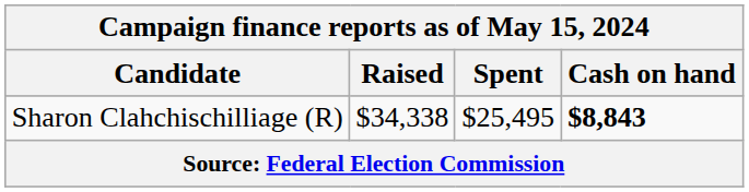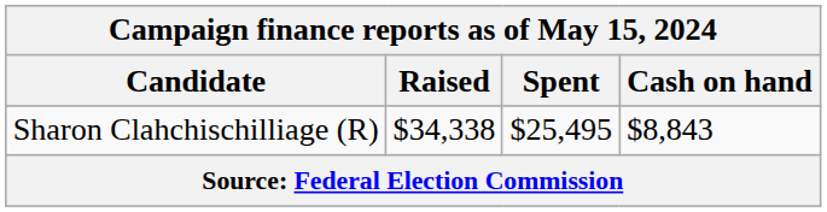 <table class="wikitable sortable">
 <tr>
 <th colspan=4>Campaign finance reports as of May 15, 2024</th>
 </tr>
 <tr style="text-align:center;">
 <th>Candidate</th>
 <th>Raised</th>
 <th>Spent</th>
 <th>Cash on hand</th>
 </tr>
 <tr>
 <td>Sharon Clahchischilliage (R)</td>
 <td>$34,338</td>
 <td>$25,495</td>
-<td><strong>$8,843</strong></td>
+<td>$8,843</td>
 </tr>
 <tr>
 <th colspan="4"><small>Source: <a href='#'>Federal Election Commission</a></small></th>
 </tr>
 </table>
